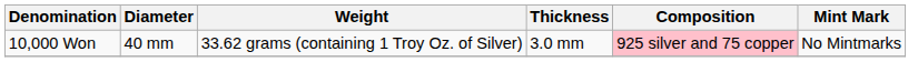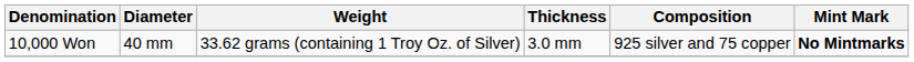 <table class="wikitable sortable">
 <tr>
 <th>Denomination</th>
 <th>Diameter</th>
 <th>Weight</th>
 <th>Thickness</th>
 <th>Composition</th>
 <th>Mint Mark</th>
 </tr>
 <tr>
 <td>10,000 Won</td>
 <td>40 mm</td>
 <td>33.62 grams (containing 1 Troy Oz. of Silver)</td>
 <td>3.0 mm</td>
-<td style="background: pink;">925 silver and 75 copper</td>
-<td>No Mintmarks</td>
+<td>925 silver and 75 copper</td>
+<td><strong>No Mintmarks</strong></td>
 </tr>
 <tr>
 </tr>
 </table>
